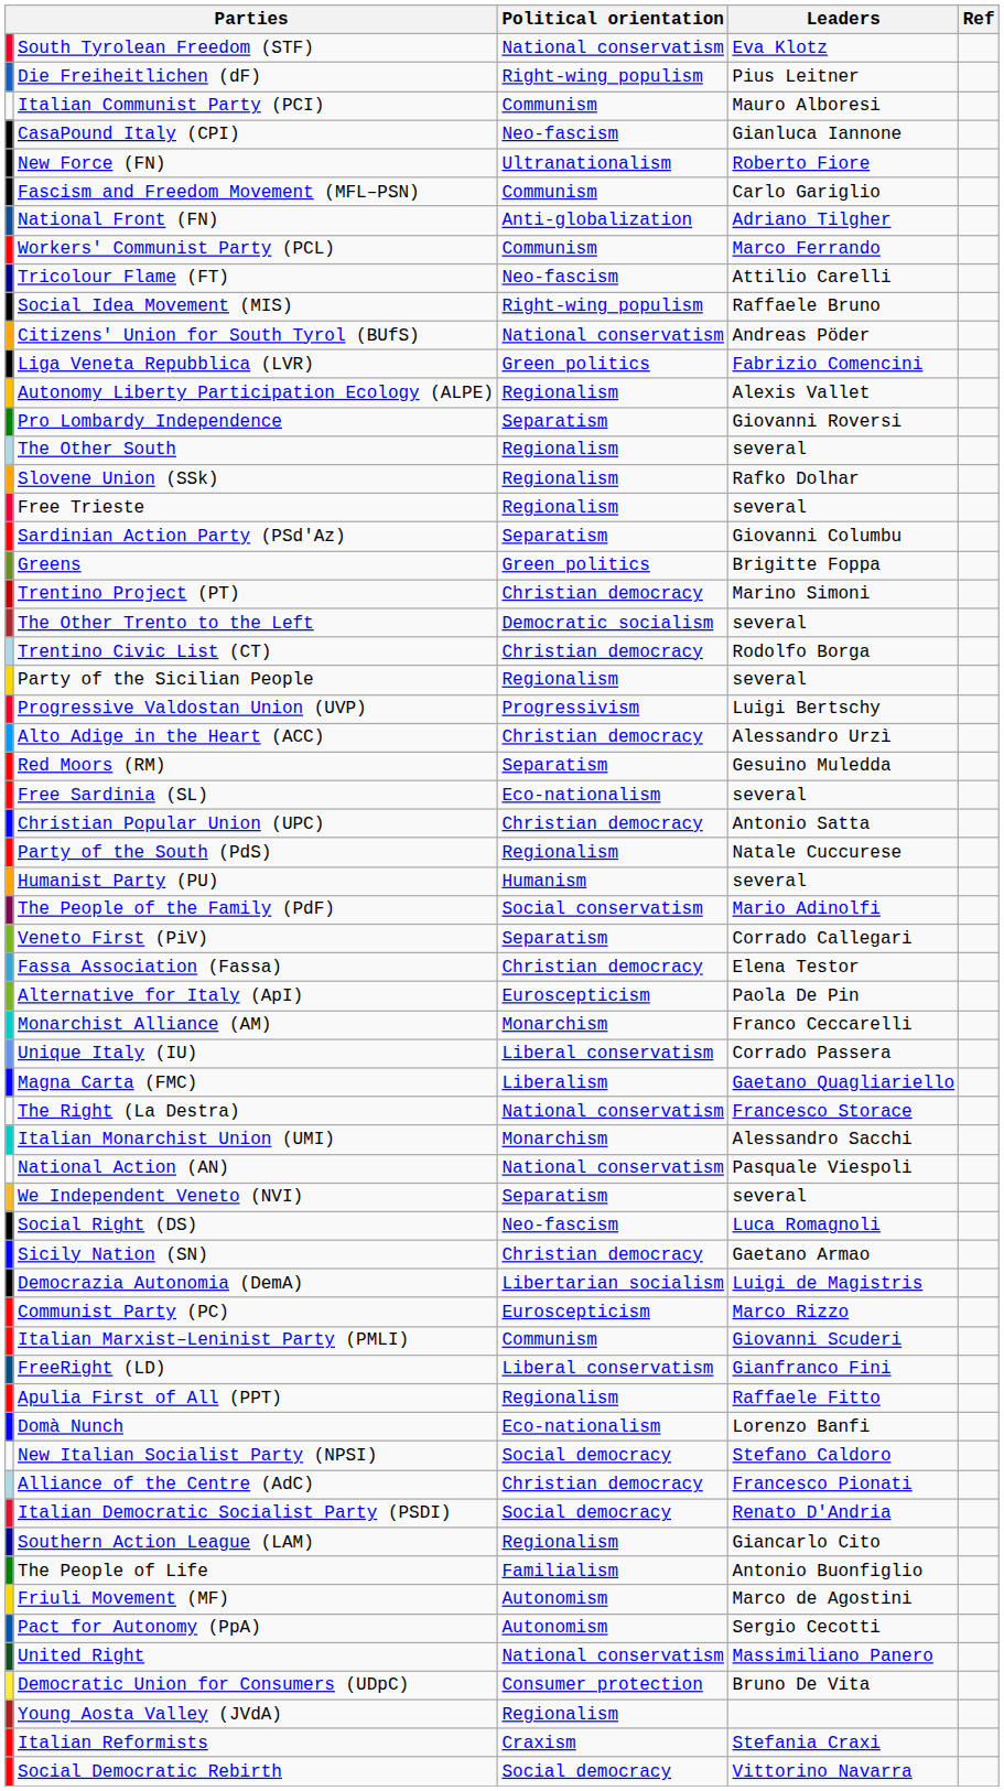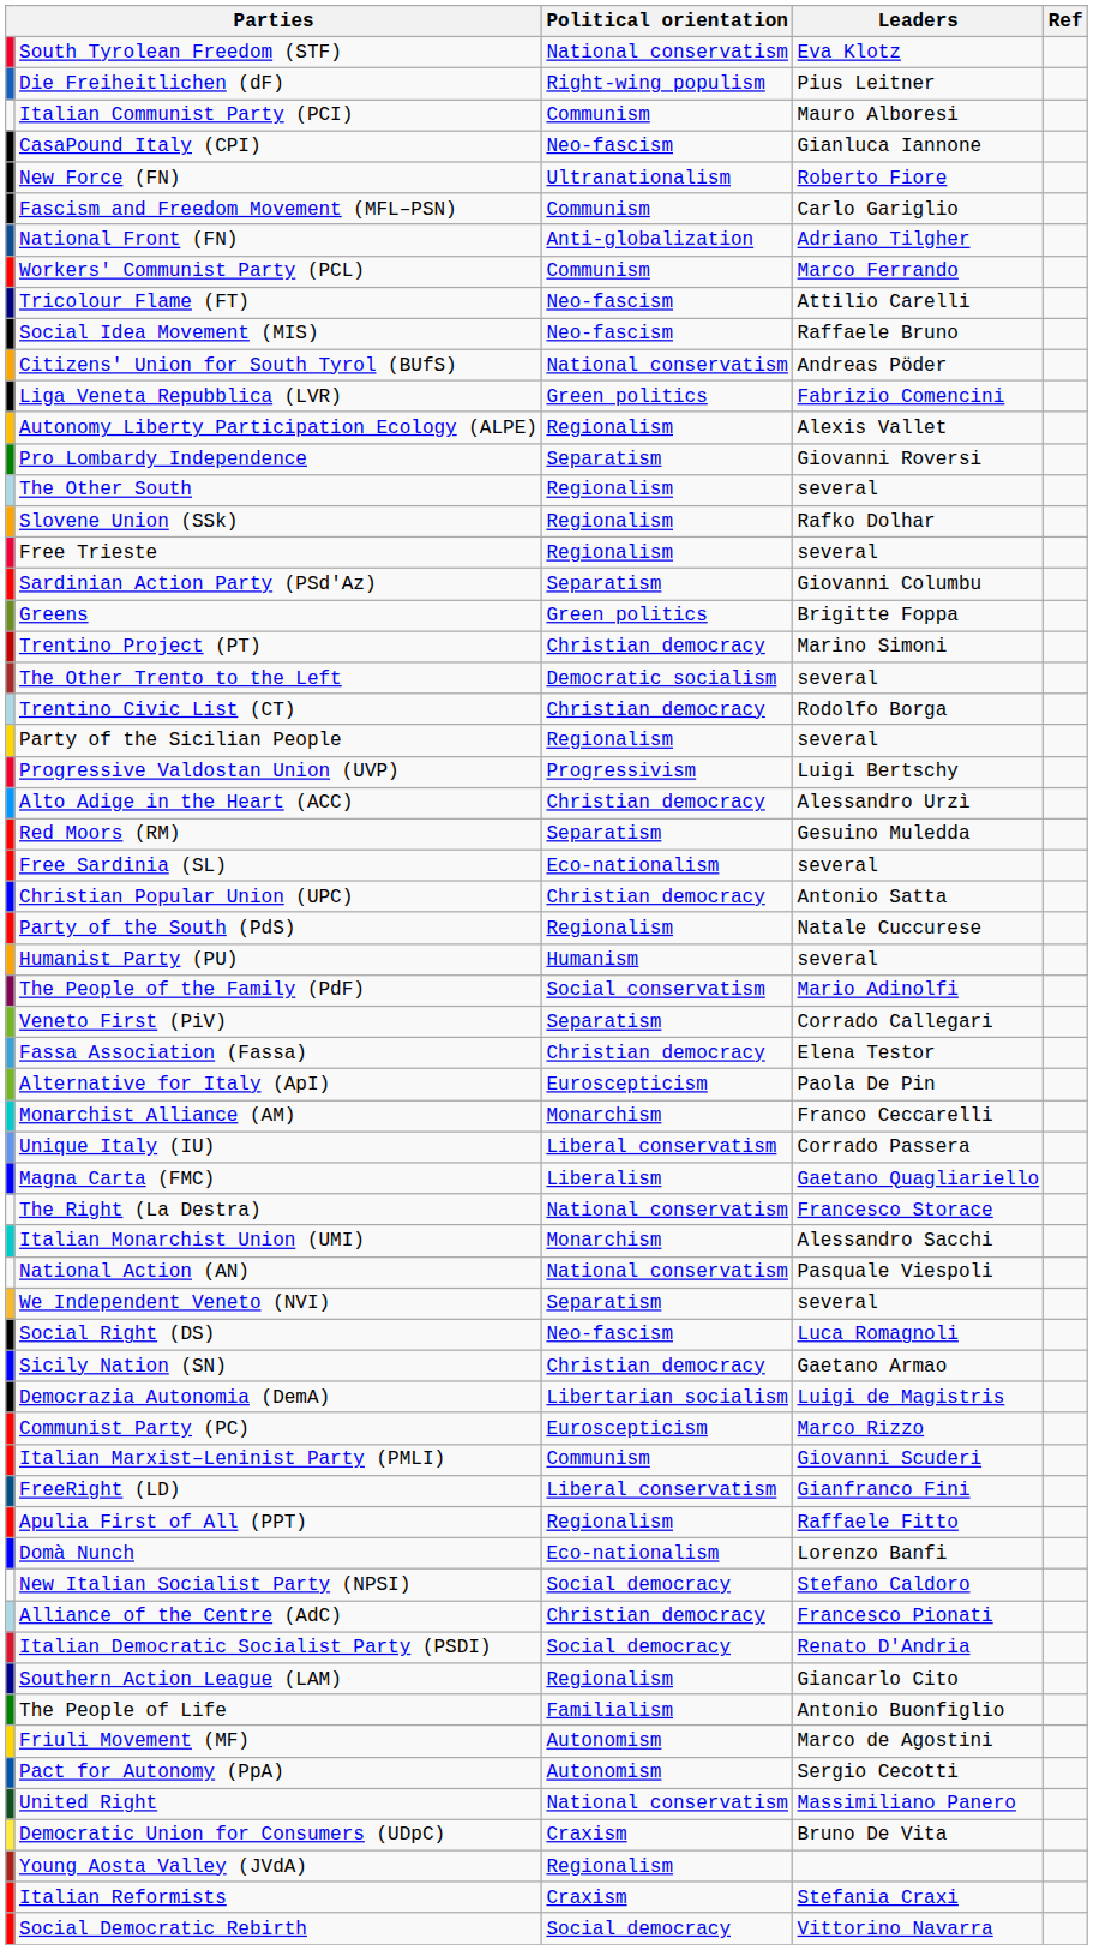 <table class="wikitable">
 <tr>
 <th colspan=2>Parties</th>
 <th>Political orientation</th>
 <th>Leaders</th>
 <th>Ref</th>
 </tr>
 <tr>
 <td style="background-color:#F0002B"></td>
 <td><a href='#'>South Tyrolean Freedom</a> (STF)</td>
 <td><a href='#'>National conservatism</a></td>
 <td><a href='#'>Eva Klotz</a></td>
 <td></td>
 </tr>
 <tr>
 <td style="background-color:#1560BD"></td>
 <td><a href='#'>Die Freiheitlichen</a> (dF)</td>
 <td><a href='#'>Right-wing populism</a></td>
 <td>Pius Leitner</td>
 <td></td>
 </tr>
 <tr>
 <td style="background-color: "></td>
 <td><a href='#'>Italian Communist Party</a> (PCI)</td>
 <td><a href='#'>Communism</a></td>
 <td>Mauro Alboresi</td>
 <td></td>
 </tr>
 <tr>
 <td style="background-color:black"></td>
 <td><a href='#'>CasaPound Italy</a> (CPI)</td>
 <td><a href='#'>Neo-fascism</a></td>
 <td>Gianluca Iannone</td>
 <td></td>
 </tr>
 <tr>
 <td style="background-color:black"></td>
 <td><a href='#'>New Force</a> (FN)</td>
 <td><a href='#'>Ultranationalism</a></td>
 <td><a href='#'>Roberto Fiore</a></td>
 <td></td>
 </tr>
 <tr>
 <td style="background-color:black"></td>
 <td><a href='#'>Fascism and Freedom Movement</a> (MFL–PSN)</td>
 <td><a href='#'>Communism</a></td>
 <td>Carlo Gariglio</td>
 <td></td>
 </tr>
 <tr>
 <td style="background-color:#0F4D92"></td>
 <td><a href='#'>National Front</a> (FN)</td>
 <td><a href='#'>Anti-globalization</a></td>
 <td><a href='#'>Adriano Tilgher</a></td>
 <td></td>
 </tr>
 <tr>
 <td style="background-color: red"></td>
 <td><a href='#'>Workers' Communist Party</a> (PCL)</td>
 <td><a href='#'>Communism</a></td>
 <td><a href='#'>Marco Ferrando</a></td>
 <td></td>
 </tr>
 <tr>
 <td style="background-color:#000080"></td>
 <td><a href='#'>Tricolour Flame</a> (FT)</td>
 <td><a href='#'>Neo-fascism</a></td>
 <td>Attilio Carelli</td>
 <td></td>
 </tr>
 <tr>
 <td style="background-color:black"></td>
 <td><a href='#'>Social Idea Movement</a> (MIS)</td>
-<td><a href='#'>Right-wing populism</a></td>
+<td><a href='#'>Neo-fascism</a></td>
 <td>Raffaele Bruno</td>
 <td></td>
 </tr>
 <tr>
 <td style="background-color:#FFA700"></td>
 <td><a href='#'>Citizens' Union for South Tyrol</a> (BUfS)</td>
 <td><a href='#'>National conservatism</a></td>
 <td>Andreas Pöder</td>
 <td></td>
 </tr>
 <tr>
 <td style="background-color:black"></td>
 <td><a href='#'>Liga Veneta Repubblica</a> (LVR)</td>
 <td><a href='#'>Green politics</a></td>
 <td><a href='#'>Fabrizio Comencini</a></td>
 <td></td>
 </tr>
 <tr>
 <td style="background-color:#FFBF00"></td>
 <td><a href='#'>Autonomy Liberty Participation Ecology</a> (ALPE)</td>
 <td><a href='#'>Regionalism</a></td>
 <td>Alexis Vallet</td>
 <td></td>
 </tr>
 <tr>
 <td style="background-color:green"></td>
 <td><a href='#'>Pro Lombardy Independence</a></td>
 <td><a href='#'>Separatism</a></td>
 <td>Giovanni Roversi</td>
 <td></td>
 </tr>
 <tr>
 <td style="background-color:lightblue"></td>
 <td><a href='#'>The Other South</a></td>
 <td><a href='#'>Regionalism</a></td>
 <td>several</td>
 <td></td>
 </tr>
 <tr>
 <td style="background-color:orange"></td>
 <td><a href='#'>Slovene Union</a> (SSk)</td>
 <td><a href='#'>Regionalism</a></td>
 <td>Rafko Dolhar</td>
 <td></td>
 </tr>
 <tr>
 <td style="background-color:#F0003B"></td>
 <td>Free Trieste</td>
 <td><a href='#'>Regionalism</a></td>
 <td>several</td>
 <td></td>
 </tr>
 <tr>
 <td style="background-color:red"></td>
 <td><a href='#'>Sardinian Action Party</a> (PSd'Az)</td>
 <td><a href='#'>Separatism</a></td>
 <td>Giovanni Columbu</td>
 <td></td>
 </tr>
 <tr>
 <td style="background-color:#6B8E23"></td>
 <td><a href='#'>Greens</a></td>
 <td><a href='#'>Green politics</a></td>
 <td>Brigitte Foppa</td>
 <td></td>
 </tr>
 <tr>
 <td style="background-color:#C00000"></td>
 <td><a href='#'>Trentino Project</a> (PT)</td>
 <td><a href='#'>Christian democracy</a></td>
 <td>Marino Simoni</td>
 <td></td>
 </tr>
 <tr>
 <td style="background-color:brown"></td>
 <td><a href='#'>The Other Trento to the Left</a></td>
 <td><a href='#'>Democratic socialism</a></td>
 <td>several</td>
 <td></td>
 </tr>
 <tr>
 <td style="background-color:lightblue"></td>
 <td><a href='#'>Trentino Civic List</a> (CT)</td>
 <td><a href='#'>Christian democracy</a></td>
 <td>Rodolfo Borga</td>
 <td></td>
 </tr>
 <tr>
 <td style="background-color:gold"></td>
 <td>Party of the Sicilian People</td>
 <td><a href='#'>Regionalism</a></td>
 <td>several</td>
 <td></td>
 </tr>
 <tr>
 <td style="background-color:#F0002B"></td>
 <td><a href='#'>Progressive Valdostan Union</a> (UVP)</td>
 <td><a href='#'>Progressivism</a></td>
 <td>Luigi Bertschy</td>
 <td></td>
 </tr>
 <tr>
 <td style="background-color:#09F"></td>
 <td><a href='#'>Alto Adige in the Heart</a> (ACC)</td>
 <td><a href='#'>Christian democracy</a></td>
 <td>Alessandro Urzì</td>
 <td></td>
 </tr>
 <tr>
 <td style="background-color:red"></td>
 <td><a href='#'>Red Moors</a> (RM)</td>
 <td><a href='#'>Separatism</a></td>
 <td>Gesuino Muledda</td>
 <td></td>
 </tr>
 <tr>
 <td style="background-color:red"></td>
 <td><a href='#'>Free Sardinia</a> (SL)</td>
 <td><a href='#'>Eco-nationalism</a></td>
 <td>several</td>
 <td></td>
 </tr>
 <tr>
 <td style="background-color:blue"></td>
 <td><a href='#'>Christian Popular Union</a> (UPC)</td>
 <td><a href='#'>Christian democracy</a></td>
 <td>Antonio Satta</td>
 <td></td>
 </tr>
 <tr>
 <td style="background-color:red"></td>
 <td><a href='#'>Party of the South</a> (PdS)</td>
 <td><a href='#'>Regionalism</a></td>
 <td>Natale Cuccurese</td>
 <td></td>
 </tr>
 <tr>
 <td style="background-color:orange"></td>
 <td><a href='#'>Humanist Party</a> (PU)</td>
 <td><a href='#'>Humanism</a></td>
 <td>several</td>
 <td></td>
 </tr>
 <tr>
 <td style="background-color:#7D0552"></td>
 <td><a href='#'>The People of the Family</a> (PdF)</td>
 <td><a href='#'>Social conservatism</a></td>
 <td><a href='#'>Mario Adinolfi</a></td>
 <td></td>
 </tr>
 <tr>
 <td style="background-color:#76b622"></td>
 <td><a href='#'>Veneto First</a> (PiV)</td>
 <td><a href='#'>Separatism</a></td>
 <td>Corrado Callegari</td>
 <td></td>
 </tr>
 <tr>
 <td style="background-color:#39a3d3"></td>
 <td><a href='#'>Fassa Association</a> (Fassa)</td>
 <td><a href='#'>Christian democracy</a></td>
 <td>Elena Testor</td>
 <td></td>
 </tr>
 <tr>
 <td style="background-color:#76b622"></td>
 <td><a href='#'>Alternative for Italy</a> (ApI)</td>
 <td><a href='#'>Euroscepticism</a></td>
 <td>Paola De Pin</td>
 <td></td>
 </tr>
 <tr>
 <td style="background-color:#00CCCC"></td>
 <td><a href='#'>Monarchist Alliance</a> (AM)</td>
 <td><a href='#'>Monarchism</a></td>
 <td>Franco Ceccarelli</td>
 <td></td>
 </tr>
 <tr>
 <td style="background-color:#6495ED"></td>
 <td><a href='#'>Unique Italy</a> (IU)</td>
 <td><a href='#'>Liberal conservatism</a></td>
 <td>Corrado Passera</td>
 <td></td>
 </tr>
 <tr>
 <td style="background-color:blue"></td>
 <td><a href='#'>Magna Carta</a> (FMC)</td>
 <td><a href='#'>Liberalism</a></td>
 <td><a href='#'>Gaetano Quagliariello</a></td>
 <td></td>
 </tr>
 <tr>
 <td style="background-color:"></td>
 <td><a href='#'>The Right</a> (La Destra)</td>
 <td><a href='#'>National conservatism</a></td>
 <td><a href='#'>Francesco Storace</a></td>
 <td></td>
 </tr>
 <tr>
 <td style="background-color:#00CCCC"></td>
 <td><a href='#'>Italian Monarchist Union</a> (UMI)</td>
 <td><a href='#'>Monarchism</a></td>
 <td>Alessandro Sacchi</td>
 <td></td>
 </tr>
 <tr>
 <td style="background-color:"></td>
 <td><a href='#'>National Action</a> (AN)</td>
 <td><a href='#'>National conservatism</a></td>
 <td>Pasquale Viespoli</td>
 <td></td>
 </tr>
 <tr>
 <td style="background-color:#F9B92B"></td>
 <td><a href='#'>We Independent Veneto</a> (NVI)</td>
 <td><a href='#'>Separatism</a></td>
 <td>several</td>
 <td></td>
 </tr>
 <tr>
 <td style="background-color:black"></td>
 <td><a href='#'>Social Right</a> (DS)</td>
 <td><a href='#'>Neo-fascism</a></td>
 <td><a href='#'>Luca Romagnoli</a></td>
 <td></td>
 </tr>
 <tr>
 <td style="background-color:blue"></td>
 <td><a href='#'>Sicily Nation</a> (SN)</td>
 <td><a href='#'>Christian democracy</a></td>
 <td>Gaetano Armao</td>
 <td></td>
 </tr>
 <tr>
 <td style="background-color:black"></td>
 <td><a href='#'>Democrazia Autonomia</a> (DemA)</td>
 <td><a href='#'>Libertarian socialism</a></td>
 <td><a href='#'>Luigi de Magistris</a></td>
 <td></td>
 </tr>
 <tr>
 <td style="background-color:red"></td>
 <td><a href='#'>Communist Party</a> (PC)</td>
 <td><a href='#'>Euroscepticism</a></td>
 <td><a href='#'>Marco Rizzo</a></td>
 <td></td>
 </tr>
 <tr>
 <td style="background-color:red"></td>
 <td><a href='#'>Italian Marxist–Leninist Party</a> (PMLI)</td>
 <td><a href='#'>Communism</a></td>
 <td><a href='#'>Giovanni Scuderi</a></td>
 <td></td>
 </tr>
 <tr>
 <td style="background-color:#004d85"></td>
 <td><a href='#'>FreeRight</a> (LD)</td>
 <td><a href='#'>Liberal conservatism</a></td>
 <td><a href='#'>Gianfranco Fini</a></td>
 <td></td>
 </tr>
 <tr>
 <td style="background-color:red"></td>
 <td><a href='#'>Apulia First of All</a> (PPT)</td>
 <td><a href='#'>Regionalism</a></td>
 <td><a href='#'>Raffaele Fitto</a></td>
 <td></td>
 </tr>
 <tr>
 <td style="background-color:blue"></td>
 <td><a href='#'>Domà Nunch</a></td>
 <td><a href='#'>Eco-nationalism</a></td>
 <td>Lorenzo Banfi</td>
 <td></td>
 </tr>
 <tr>
 <td style="background-color:"></td>
 <td><a href='#'>New Italian Socialist Party</a> (NPSI)</td>
 <td><a href='#'>Social democracy</a></td>
 <td><a href='#'>Stefano Caldoro</a></td>
 <td></td>
 </tr>
 <tr>
 <td style="background-color:lightblue"></td>
 <td><a href='#'>Alliance of the Centre</a> (AdC)</td>
 <td><a href='#'>Christian democracy</a></td>
 <td><a href='#'>Francesco Pionati</a></td>
 <td></td>
 </tr>
 <tr>
 <td style="background-color:#DC142f"></td>
 <td><a href='#'>Italian Democratic Socialist Party</a> (PSDI)</td>
 <td><a href='#'>Social democracy</a></td>
 <td><a href='#'>Renato D'Andria</a></td>
 <td></td>
 </tr>
 <tr>
 <td style="background-color:darkblue"></td>
 <td><a href='#'>Southern Action League</a> (LAM)</td>
 <td><a href='#'>Regionalism</a></td>
 <td>Giancarlo Cito</td>
 <td></td>
 </tr>
 <tr>
 <td bgcolor="green"></td>
 <td>The People of Life</td>
 <td><a href='#'>Familialism</a></td>
 <td>Antonio Buonfiglio</td>
 <td></td>
 </tr>
 <tr>
 <td bgcolor="gold"></td>
 <td><a href='#'>Friuli Movement</a> (MF)</td>
 <td><a href='#'>Autonomism</a></td>
 <td>Marco de Agostini</td>
 <td></td>
 </tr>
 <tr>
 <td bgcolor="#0055ab"></td>
 <td><a href='#'>Pact for Autonomy</a> (PpA)</td>
 <td><a href='#'>Autonomism</a></td>
 <td>Sergio Cecotti</td>
 <td></td>
 </tr>
 <tr>
 <td bgcolor="#105020"></td>
 <td><a href='#'>United Right</a></td>
 <td><a href='#'>National conservatism</a></td>
 <td><a href='#'>Massimiliano Panero</a></td>
 <td></td>
 </tr>
 <tr>
 <td bgcolor="#ffeb3b"></td>
 <td><a href='#'>Democratic Union for Consumers</a> (UDpC)</td>
-<td><a href='#'>Consumer protection</a></td>
+<td><a href='#'>Craxism</a></td>
 <td>Bruno De Vita</td>
 <td></td>
 </tr>
 <tr>
 <td bgcolor="#a9221c"></td>
 <td><a href='#'>Young Aosta Valley</a> (JVdA)</td>
 <td><a href='#'>Regionalism</a></td>
 <td></td>
 <td></td>
 </tr>
 <tr>
 <td bgcolor="red"></td>
 <td><a href='#'>Italian Reformists</a></td>
 <td><a href='#'>Craxism</a></td>
 <td><a href='#'>Stefania Craxi</a></td>
 <td></td>
 </tr>
 <tr>
 <td bgcolor="red"></td>
 <td><a href='#'>Social Democratic Rebirth</a></td>
 <td><a href='#'>Social democracy</a></td>
 <td><a href='#'>Vittorino Navarra</a></td>
 <td></td>
 </tr>
 </table>
